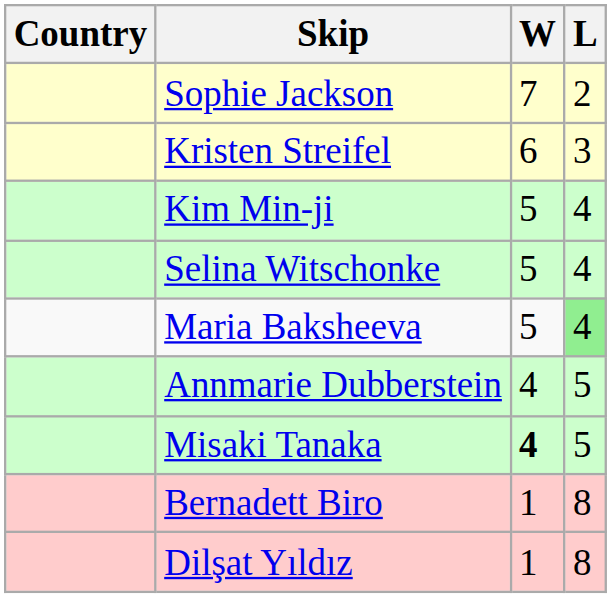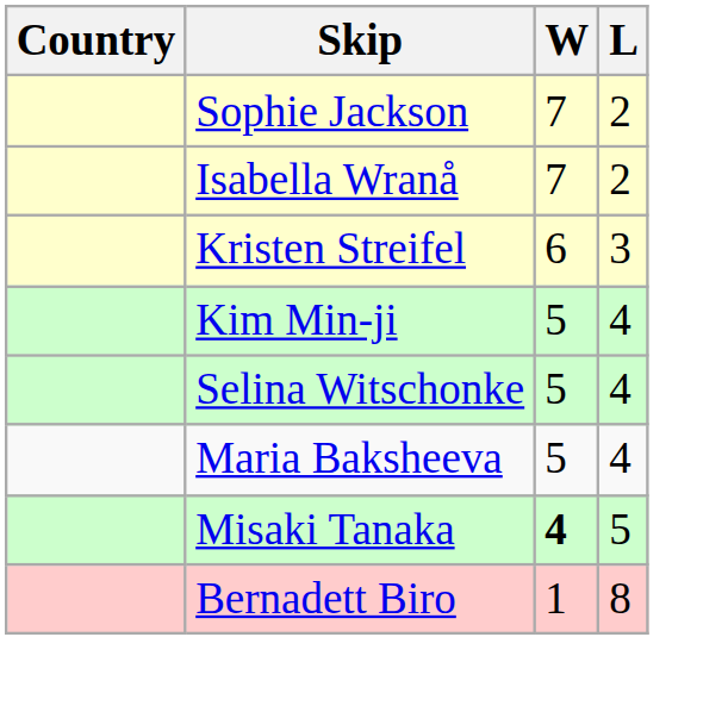 <table class=wikitable>
 <tr>
 <th>Country</th>
 <th>Skip</th>
 <th>W</th>
 <th>L</th>
 </tr>
 <tr style="background:#ffffcc">
 <td></td>
 <td><a href='#'>Sophie Jackson</a></td>
+<td>7</td>
+<td>2</td>
+</tr>
+<tr style="background:#ffffcc">
+<td></td>
+<td><a href='#'>Isabella Wranå</a></td>
 <td>7</td>
 <td>2</td>
 </tr>
 <tr style="background:#ffffcc">
 <td></td>
 <td><a href='#'>Kristen Streifel</a></td>
 <td>6</td>
 <td>3</td>
 </tr>
 <tr style="background:#ccffcc">
 <td></td>
 <td><a href='#'>Kim Min-ji</a></td>
 <td>5</td>
 <td>4</td>
 </tr>
 <tr style="background:#ccffcc">
 <td></td>
 <td><a href='#'>Selina Witschonke</a></td>
 <td>5</td>
 <td>4</td>
 </tr>
 <tr>
 <td></td>
 <td><a href='#'>Maria Baksheeva</a></td>
 <td>5</td>
-<td style="background: lightgreen;">4</td>
-</tr>
-<tr style="background:#ccffcc">
-<td></td>
-<td><a href='#'>Annmarie Dubberstein</a></td>
 <td>4</td>
-<td>5</td>
 </tr>
 <tr style="background:#ccffcc">
 <td></td>
 <td><a href='#'>Misaki Tanaka</a></td>
 <td><strong>4</strong></td>
 <td>5</td>
 </tr>
 <tr style="background:#ffcccc">
 <td></td>
 <td><a href='#'>Bernadett Biro</a></td>
 <td>1</td>
 <td>8</td>
 </tr>
-<tr style="background:#ffcccc">
-<td></td>
-<td><a href='#'>Dilşat Yıldız</a></td>
-<td>1</td>
-<td>8</td>
-</tr>
 </table>
